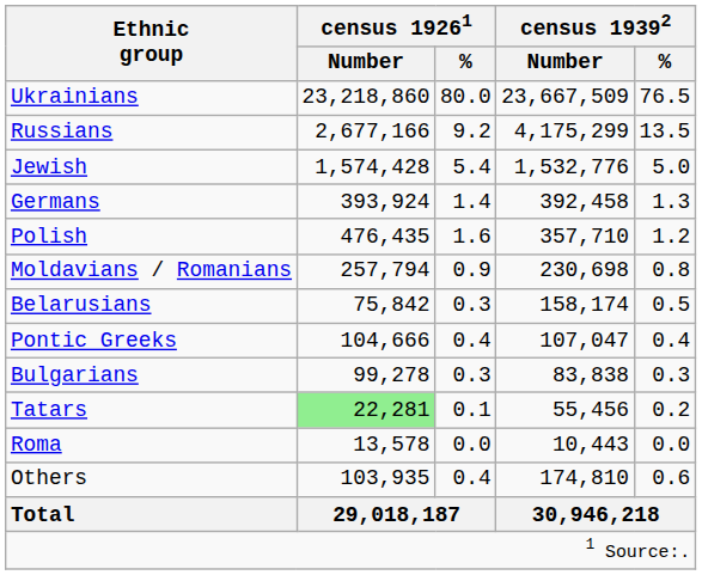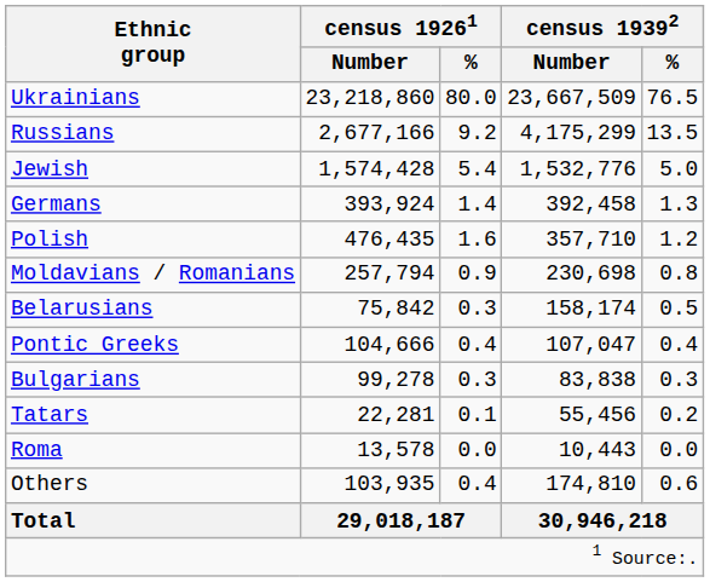 <table class="wikitable" style="text-align:right;">
 <tr style="background:#e0e0e0;">
 <th rowspan="2">Ethnic<br>group</th>
 <th colspan="2">census 1926<sup>1</sup></th>
 <th colspan="2">census 1939<sup>2</sup></th>
 </tr>
 <tr style="background:#e0e0e0;">
 <th>Number</th>
 <th>%</th>
 <th>Number</th>
 <th>%</th>
 </tr>
 <tr>
 <td style="text-align:left;"><a href='#'>Ukrainians</a></td>
 <td>23,218,860</td>
 <td>80.0</td>
 <td>23,667,509</td>
 <td>76.5</td>
 </tr>
 <tr>
 <td style="text-align:left;"><a href='#'>Russians</a></td>
 <td>2,677,166</td>
 <td>9.2</td>
 <td>4,175,299</td>
 <td>13.5</td>
 </tr>
 <tr>
 <td style="text-align:left;"><a href='#'>Jewish</a></td>
 <td>1,574,428</td>
 <td>5.4</td>
 <td>1,532,776</td>
 <td>5.0</td>
 </tr>
 <tr>
 <td style="text-align:left;"><a href='#'>Germans</a></td>
 <td>393,924</td>
 <td>1.4</td>
 <td>392,458</td>
 <td>1.3</td>
 </tr>
 <tr>
 <td style="text-align:left;"><a href='#'>Polish</a></td>
 <td>476,435</td>
 <td>1.6</td>
 <td>357,710</td>
 <td>1.2</td>
 </tr>
 <tr>
 <td style="text-align:left;"><a href='#'>Moldavians</a> / <a href='#'>Romanians</a></td>
 <td>257,794</td>
 <td>0.9</td>
 <td>230,698</td>
 <td>0.8</td>
 </tr>
 <tr>
 <td style="text-align:left;"><a href='#'>Belarusians</a></td>
 <td>75,842</td>
 <td>0.3</td>
 <td>158,174</td>
 <td>0.5</td>
 </tr>
 <tr>
 <td style="text-align:left;"><a href='#'>Pontic Greeks</a></td>
 <td>104,666</td>
 <td>0.4</td>
 <td>107,047</td>
 <td>0.4</td>
 </tr>
 <tr>
 <td style="text-align:left;"><a href='#'>Bulgarians</a></td>
 <td>99,278</td>
 <td>0.3</td>
 <td>83,838</td>
 <td>0.3</td>
 </tr>
 <tr>
 <td style="text-align:left;"><a href='#'>Tatars</a></td>
-<td style="background: lightgreen;">22,281</td>
+<td>22,281</td>
 <td>0.1</td>
 <td>55,456</td>
 <td>0.2</td>
 </tr>
 <tr>
 <td style="text-align:left;"><a href='#'>Roma</a></td>
 <td>13,578</td>
 <td>0.0</td>
 <td>10,443</td>
 <td>0.0</td>
 </tr>
 <tr>
 <td style="text-align:left;">Others</td>
 <td>103,935</td>
 <td>0.4</td>
 <td>174,810</td>
 <td>0.6</td>
 </tr>
 <tr style="background:#e0e0e0;">
 <th style="text-align:left;">Total</th>
 <th colspan="2">29,018,187</th>
 <th colspan="2">30,946,218</th>
 </tr>
 <tr>
 <td colspan="5"><small><sup>1</sup> Source:.</small></td>
 </tr>
 </table>
